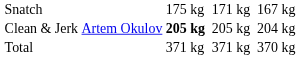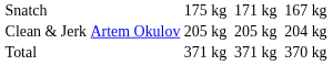 <table>
 <tr>
 <td>Snatch</td>
 <td></td>
 <td>175 kg</td>
 <td></td>
 <td>171 kg</td>
 <td></td>
 <td>167 kg</td>
 </tr>
 <tr>
 <td>Clean & Jerk</td>
 <td> <a href='#'>Artem Okulov</a> </td>
-<td><strong>205 kg</strong></td>
+<td>205 kg</td>
 <td></td>
 <td>205 kg</td>
 <td></td>
 <td>204 kg</td>
 </tr>
 <tr>
 <td>Total</td>
 <td></td>
 <td>371 kg</td>
 <td></td>
 <td>371 kg</td>
 <td></td>
 <td>370 kg</td>
 </tr>
 </table>
